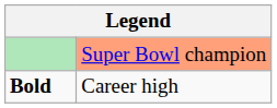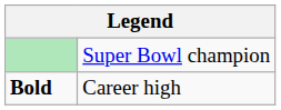 <table class="wikitable">
 <tr>
 <th colspan="2">Legend</th>
 </tr>
 <tr>
 <td style="background:#afe6ba; width:3em;"></td>
-<td style="background: lightsalmon;"><a href='#'>Super Bowl</a> champion</td>
+<td><a href='#'>Super Bowl</a> champion</td>
 </tr>
 <tr>
 <td><strong>Bold</strong></td>
 <td>Career high</td>
 </tr>
 </table>
